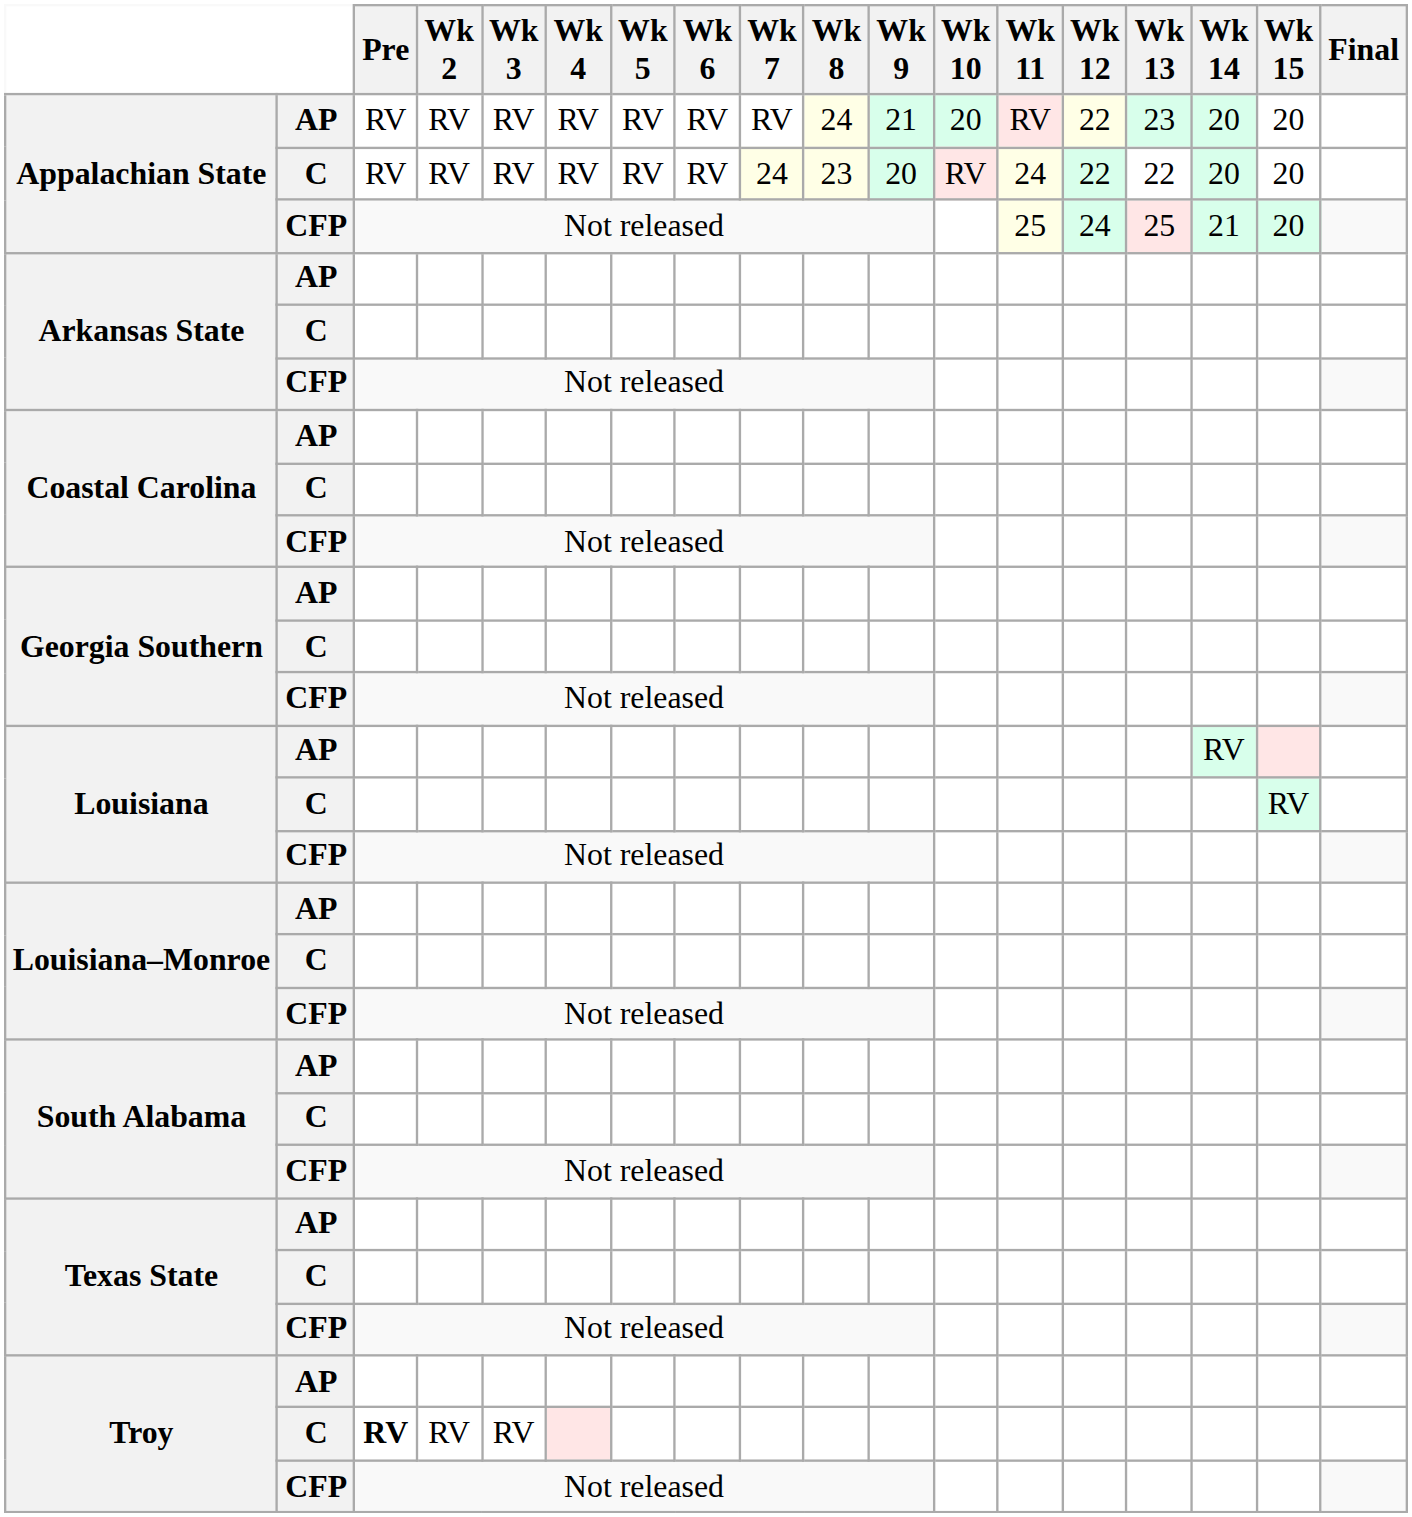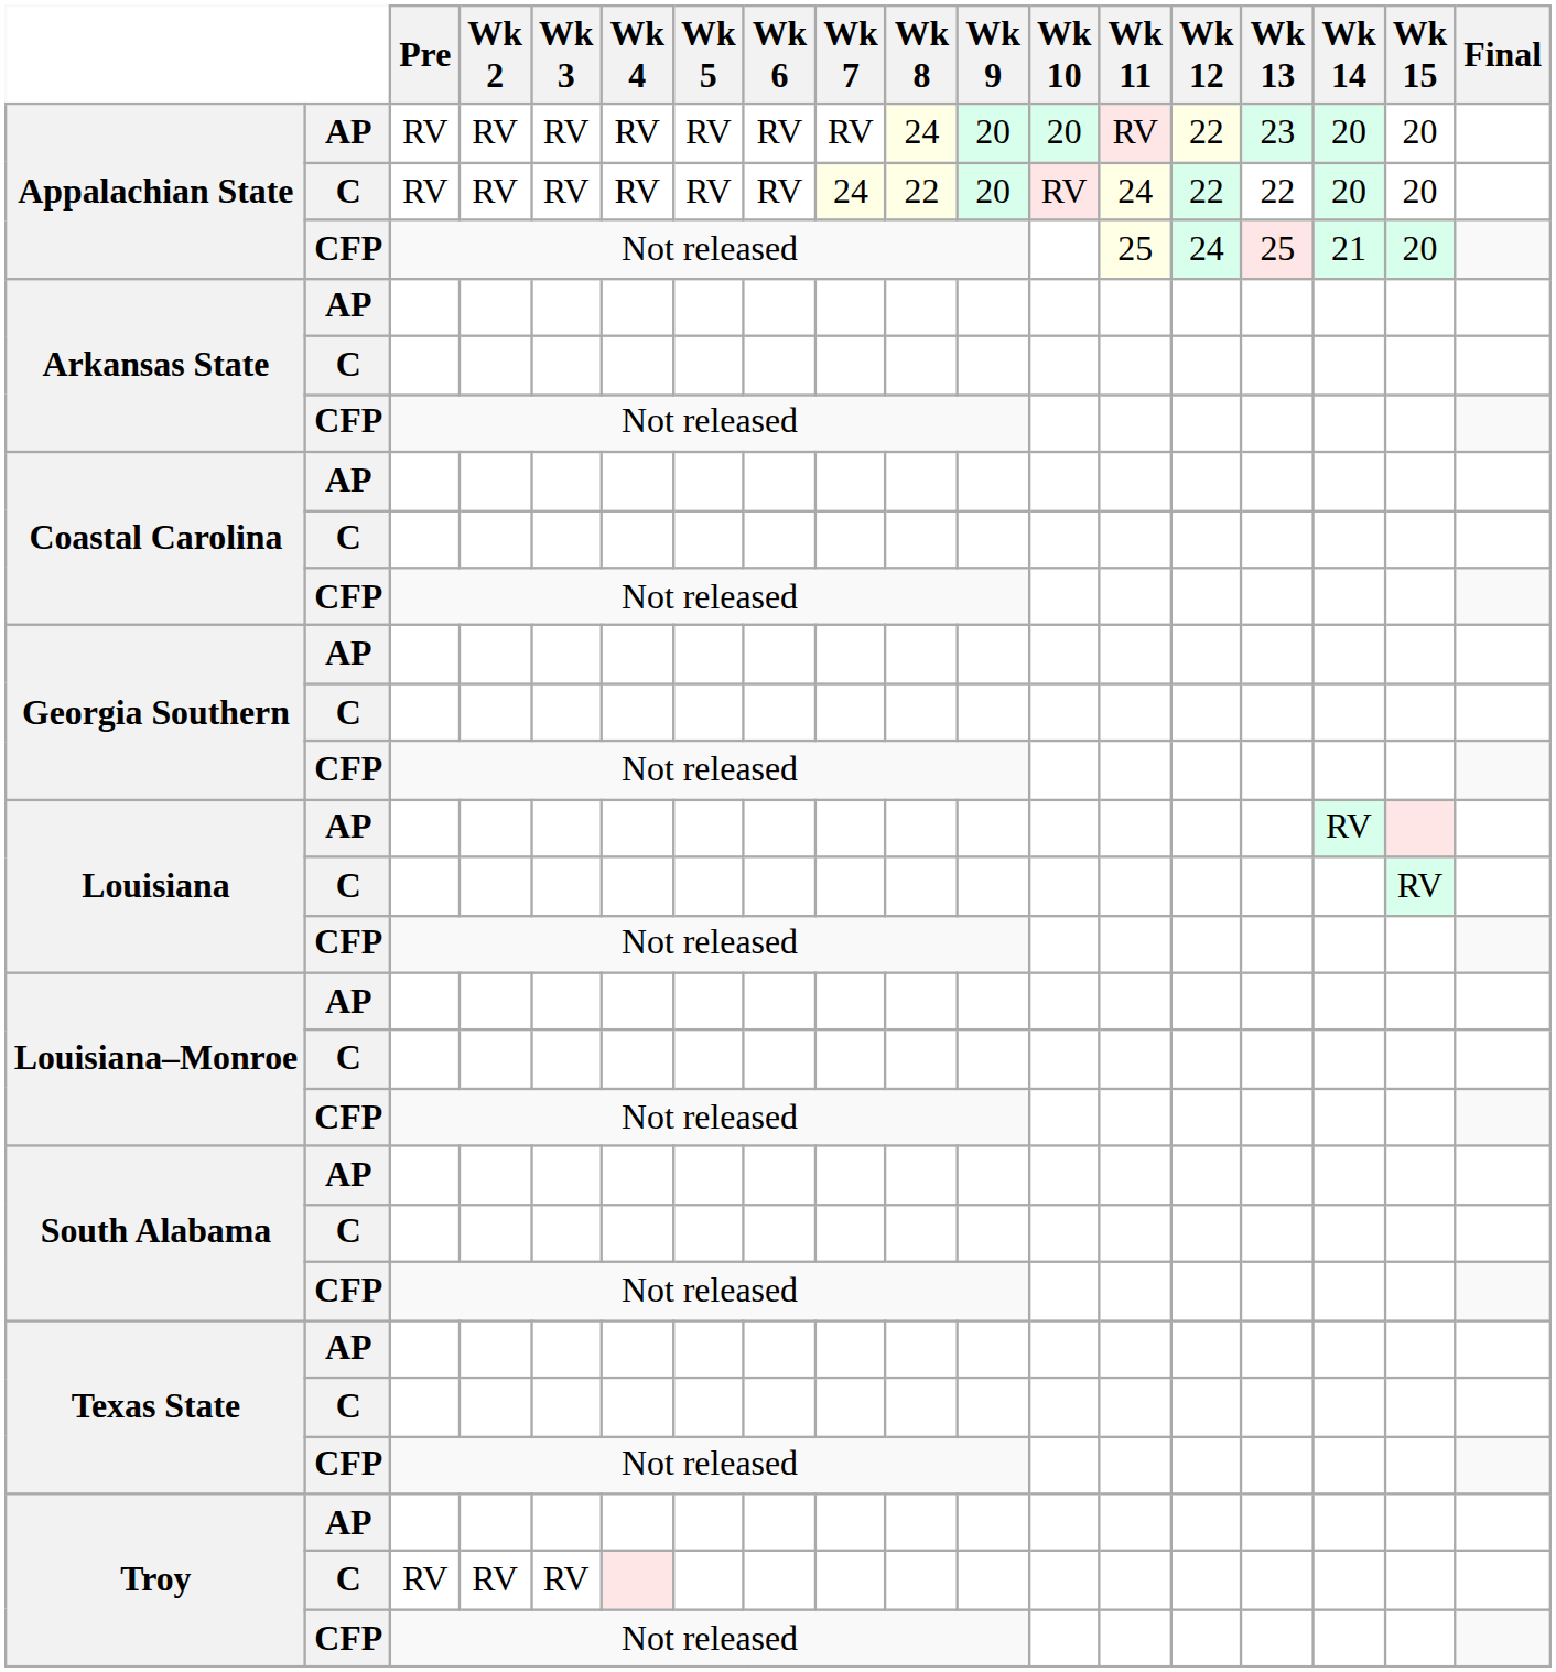 <table class="wikitable" style="white-space:nowrap;font-size:85%;">
 <tr>
 <th colspan=2 style="background:white; border-top-style:hidden; border-left-style:hidden;"> </th>
 <th>Pre</th>
 <th>Wk<br>2</th>
 <th>Wk<br>3</th>
 <th>Wk<br>4</th>
 <th>Wk<br>5</th>
 <th>Wk<br>6</th>
 <th>Wk<br>7</th>
 <th>Wk<br>8</th>
 <th>Wk<br>9</th>
 <th>Wk<br>10</th>
 <th>Wk<br>11</th>
 <th>Wk<br>12</th>
 <th>Wk<br>13</th>
 <th>Wk<br>14</th>
 <th>Wk<br>15</th>
 <th>Final</th>
 </tr>
 <tr style="text-align:center;">
 <th rowspan="3">Appalachian State</th>
 <th>AP</th>
 <td style="background:#FFF;">RV</td>
 <td style="background:#FFF;">RV</td>
 <td style="background:#FFF;">RV</td>
 <td style="background:#FFF;">RV</td>
 <td style="background:#FFF;">RV</td>
 <td style="background:#FFF;">RV</td>
 <td style="background:#FFF;">RV</td>
 <td style="background:#ffffe6;">24</td>
-<td style="background:#d8ffeb;">21</td>
+<td style="background:#d8ffeb;">20</td>
 <td style="background:#d8ffeb;">20</td>
 <td style="background:#FFE6E6;">RV</td>
 <td style="background:#ffffe6;">22</td>
 <td style="background:#d8ffeb;">23</td>
 <td style="background:#D8FFEB;">20</td>
 <td style="background:#FFF;">20</td>
 <td style="background:#FFF;"></td>
 </tr>
 <tr style="text-align:center;">
 <th>C</th>
 <td style="background:#FFF;">RV</td>
 <td style="background:#FFF;">RV</td>
 <td style="background:#FFF;">RV</td>
 <td style="background:#FFF;">RV</td>
 <td style="background:#FFF;">RV</td>
 <td style="background:#FFF;">RV</td>
 <td style="background:#ffffe6;">24</td>
-<td style="background:#ffffe6;">23</td>
+<td style="background:#ffffe6;">22</td>
 <td style="background:#d8ffeb;">20</td>
 <td style="background:#FFE6E6;">RV</td>
 <td style="background:#ffffe6;">24</td>
 <td style="background:#d8ffeb;">22</td>
 <td style="background:#FFF;">22</td>
 <td style="background:#D8FFEB;">20</td>
 <td style="background:#FFF;">20</td>
 <td style="background:#FFF;"></td>
 </tr>
 <tr style="text-align:center;">
 <th>CFP</th>
 <td colspan="9" style="text-align:center;">Not released</td>
 <td style="background:#FFF;"></td>
 <td style="background:#ffffe6;">25</td>
 <td style="background:#d8ffeb;">24</td>
 <td style="background:#FFE6E6;">25</td>
 <td style="background:#D8FFEB;">21</td>
 <td style="background:#D8FFEB;">20</td>
 <td style="text-align:center;"></td>
 </tr>
 <tr style="text-align:center;">
 <th rowspan="3">Arkansas State</th>
 <th>AP</th>
 <td style="background:#FFF;"></td>
 <td style="background:#FFF;"></td>
 <td style="background:#FFF;"></td>
 <td style="background:#FFF;"></td>
 <td style="background:#FFF;"></td>
 <td style="background:#FFF;"></td>
 <td style="background:#FFF;"></td>
 <td style="background:#FFF;"></td>
 <td style="background:#FFF;"></td>
 <td style="background:#FFF;"></td>
 <td style="background:#FFF;"></td>
 <td style="background:#FFF;"></td>
 <td style="background:#FFF;"></td>
 <td style="background:#FFF;"></td>
 <td style="background:#FFF;"></td>
 <td style="background:#FFF;"></td>
 </tr>
 <tr style="text-align:center;">
 <th>C</th>
 <td style="background:#FFF;"></td>
 <td style="background:#FFF;"></td>
 <td style="background:#FFF;"></td>
 <td style="background:#FFF;"></td>
 <td style="background:#FFF;"></td>
 <td style="background:#FFF;"></td>
 <td style="background:#FFF;"></td>
 <td style="background:#FFF;"></td>
 <td style="background:#FFF;"></td>
 <td style="background:#FFF;"></td>
 <td style="background:#FFF;"></td>
 <td style="background:#FFF;"></td>
 <td style="background:#FFF;"></td>
 <td style="background:#FFF;"></td>
 <td style="background:#FFF;"></td>
 <td style="background:#FFF;"></td>
 </tr>
 <tr style="text-align:center;">
 <th>CFP</th>
 <td colspan="9" style="text-align:center;">Not released</td>
 <td style="background:#FFF;"></td>
 <td style="background:#FFF;"></td>
 <td style="background:#FFF;"></td>
 <td style="background:#FFF;"></td>
 <td style="background:#FFF;"></td>
 <td style="background:#FFF;"></td>
 <td style="text-align:center;"></td>
 </tr>
 <tr style="text-align:center;">
 <th rowspan="3">Coastal Carolina</th>
 <th>AP</th>
 <td style="background:#FFF;"></td>
 <td style="background:#FFF;"></td>
 <td style="background:#FFF;"></td>
 <td style="background:#FFF;"></td>
 <td style="background:#FFF;"></td>
 <td style="background:#FFF;"></td>
 <td style="background:#FFF;"></td>
 <td style="background:#FFF;"></td>
 <td style="background:#FFF;"></td>
 <td style="background:#FFF;"></td>
 <td style="background:#FFF;"></td>
 <td style="background:#FFF;"></td>
 <td style="background:#FFF;"></td>
 <td style="background:#FFF;"></td>
 <td style="background:#FFF;"></td>
 <td style="background:#FFF;"></td>
 </tr>
 <tr style="text-align:center;">
 <th>C</th>
 <td style="background:#FFF;"></td>
 <td style="background:#FFF;"></td>
 <td style="background:#FFF;"></td>
 <td style="background:#FFF;"></td>
 <td style="background:#FFF;"></td>
 <td style="background:#FFF;"></td>
 <td style="background:#FFF;"></td>
 <td style="background:#FFF;"></td>
 <td style="background:#FFF;"></td>
 <td style="background:#FFF;"></td>
 <td style="background:#FFF;"></td>
 <td style="background:#FFF;"></td>
 <td style="background:#FFF;"></td>
 <td style="background:#FFF;"></td>
 <td style="background:#FFF;"></td>
 <td style="background:#FFF;"></td>
 </tr>
 <tr style="text-align:center;">
 <th>CFP</th>
 <td colspan="9" style="text-align:center;">Not released</td>
 <td style="background:#FFF;"></td>
 <td style="background:#FFF;"></td>
 <td style="background:#FFF;"></td>
 <td style="background:#FFF;"></td>
 <td style="background:#FFF;"></td>
 <td style="background:#FFF;"></td>
 <td style="text-align:center;"></td>
 </tr>
 <tr style="text-align:center;">
 <th rowspan="3">Georgia Southern</th>
 <th>AP</th>
 <td style="background:#FFF;"></td>
 <td style="background:#FFF;"></td>
 <td style="background:#FFF;"></td>
 <td style="background:#FFF;"></td>
 <td style="background:#FFF;"></td>
 <td style="background:#FFF;"></td>
 <td style="background:#FFF;"></td>
 <td style="background:#FFF;"></td>
 <td style="background:#FFF;"></td>
 <td style="background:#FFF;"></td>
 <td style="background:#FFF;"></td>
 <td style="background:#FFF;"></td>
 <td style="background:#FFF;"></td>
 <td style="background:#FFF;"></td>
 <td style="background:#FFF;"></td>
 <td style="background:#FFF;"></td>
 </tr>
 <tr style="text-align:center;">
 <th>C</th>
 <td style="background:#FFF;"></td>
 <td style="background:#FFF;"></td>
 <td style="background:#FFF;"></td>
 <td style="background:#FFF;"></td>
 <td style="background:#FFF;"></td>
 <td style="background:#FFF;"></td>
 <td style="background:#FFF;"></td>
 <td style="background:#FFF;"></td>
 <td style="background:#FFF;"></td>
 <td style="background:#FFF;"></td>
 <td style="background:#FFF;"></td>
 <td style="background:#FFF;"></td>
 <td style="background:#FFF;"></td>
 <td style="background:#FFF;"></td>
 <td style="background:#FFF;"></td>
 <td style="background:#FFF;"></td>
 </tr>
 <tr style="text-align:center;">
 <th>CFP</th>
 <td colspan="9" style="text-align:center;">Not released</td>
 <td style="background:#FFF;"></td>
 <td style="background:#FFF;"></td>
 <td style="background:#FFF;"></td>
 <td style="background:#FFF;"></td>
 <td style="background:#FFF;"></td>
 <td style="background:#FFF;"></td>
 <td style="text-align:center;"></td>
 </tr>
 <tr style="text-align:center;">
 <th rowspan="3">Louisiana</th>
 <th>AP</th>
 <td style="background:#FFF;"></td>
 <td style="background:#FFF;"></td>
 <td style="background:#FFF;"></td>
 <td style="background:#FFF;"></td>
 <td style="background:#FFF;"></td>
 <td style="background:#FFF;"></td>
 <td style="background:#FFF;"></td>
 <td style="background:#FFF;"></td>
 <td style="background:#FFF;"></td>
 <td style="background:#FFF;"></td>
 <td style="background:#FFF;"></td>
 <td style="background:#FFF;"></td>
 <td style="background:#FFF;"></td>
 <td style="background:#D8FFEB;">RV</td>
 <td style="background:#FFE6E6;"></td>
 <td style="background:#FFF;"></td>
 </tr>
 <tr style="text-align:center;">
 <th>C</th>
 <td style="background:#FFF;"></td>
 <td style="background:#FFF;"></td>
 <td style="background:#FFF;"></td>
 <td style="background:#FFF;"></td>
 <td style="background:#FFF;"></td>
 <td style="background:#FFF;"></td>
 <td style="background:#FFF;"></td>
 <td style="background:#FFF;"></td>
 <td style="background:#FFF;"></td>
 <td style="background:#FFF;"></td>
 <td style="background:#FFF;"></td>
 <td style="background:#FFF;"></td>
 <td style="background:#FFF;"></td>
 <td style="background:#FFF;"></td>
 <td style="background:#D8FFEB;">RV</td>
 <td style="background:#FFF;"></td>
 </tr>
 <tr style="text-align:center;">
 <th>CFP</th>
 <td colspan="9" style="text-align:center;">Not released</td>
 <td style="background:#FFF;"></td>
 <td style="background:#FFF;"></td>
 <td style="background:#FFF;"></td>
 <td style="background:#FFF;"></td>
 <td style="background:#FFF;"></td>
 <td style="background:#FFF;"></td>
 <td style="text-align:center;"></td>
 </tr>
 <tr style="text-align:center;">
 <th rowspan="3">Louisiana–Monroe</th>
 <th>AP</th>
 <td style="background:#FFF;"></td>
 <td style="background:#FFF;"></td>
 <td style="background:#FFF;"></td>
 <td style="background:#FFF;"></td>
 <td style="background:#FFF;"></td>
 <td style="background:#FFF;"></td>
 <td style="background:#FFF;"></td>
 <td style="background:#FFF;"></td>
 <td style="background:#FFF;"></td>
 <td style="background:#FFF;"></td>
 <td style="background:#FFF;"></td>
 <td style="background:#FFF;"></td>
 <td style="background:#FFF;"></td>
 <td style="background:#FFF;"></td>
 <td style="background:#FFF;"></td>
 <td style="background:#FFF;"></td>
 </tr>
 <tr style="text-align:center;">
 <th>C</th>
 <td style="background:#FFF;"></td>
 <td style="background:#FFF;"></td>
 <td style="background:#FFF;"></td>
 <td style="background:#FFF;"></td>
 <td style="background:#FFF;"></td>
 <td style="background:#FFF;"></td>
 <td style="background:#FFF;"></td>
 <td style="background:#FFF;"></td>
 <td style="background:#FFF;"></td>
 <td style="background:#FFF;"></td>
 <td style="background:#FFF;"></td>
 <td style="background:#FFF;"></td>
 <td style="background:#FFF;"></td>
 <td style="background:#FFF;"></td>
 <td style="background:#FFF;"></td>
 <td style="background:#FFF;"></td>
 </tr>
 <tr style="text-align:center;">
 <th>CFP</th>
 <td colspan="9" style="text-align:center;">Not released</td>
 <td style="background:#FFF;"></td>
 <td style="background:#FFF;"></td>
 <td style="background:#FFF;"></td>
 <td style="background:#FFF;"></td>
 <td style="background:#FFF;"></td>
 <td style="background:#FFF;"></td>
 <td style="text-align:center;"></td>
 </tr>
 <tr style="text-align:center;">
 <th rowspan="3">South Alabama</th>
 <th>AP</th>
 <td style="background:#FFF;"></td>
 <td style="background:#FFF;"></td>
 <td style="background:#FFF;"></td>
 <td style="background:#FFF;"></td>
 <td style="background:#FFF;"></td>
 <td style="background:#FFF;"></td>
 <td style="background:#FFF;"></td>
 <td style="background:#FFF;"></td>
 <td style="background:#FFF;"></td>
 <td style="background:#FFF;"></td>
 <td style="background:#FFF;"></td>
 <td style="background:#FFF;"></td>
 <td style="background:#FFF;"></td>
 <td style="background:#FFF;"></td>
 <td style="background:#FFF;"></td>
 <td style="background:#FFF;"></td>
 </tr>
 <tr style="text-align:center;">
 <th>C</th>
 <td style="background:#FFF;"></td>
 <td style="background:#FFF;"></td>
 <td style="background:#FFF;"></td>
 <td style="background:#FFF;"></td>
 <td style="background:#FFF;"></td>
 <td style="background:#FFF;"></td>
 <td style="background:#FFF;"></td>
 <td style="background:#FFF;"></td>
 <td style="background:#FFF;"></td>
 <td style="background:#FFF;"></td>
 <td style="background:#FFF;"></td>
 <td style="background:#FFF;"></td>
 <td style="background:#FFF;"></td>
 <td style="background:#FFF;"></td>
 <td style="background:#FFF;"></td>
 <td style="background:#FFF;"></td>
 </tr>
 <tr style="text-align:center;">
 <th>CFP</th>
 <td colspan="9" style="text-align:center;">Not released</td>
 <td style="background:#FFF;"></td>
 <td style="background:#FFF;"></td>
 <td style="background:#FFF;"></td>
 <td style="background:#FFF;"></td>
 <td style="background:#FFF;"></td>
 <td style="background:#FFF;"></td>
 <td style="text-align:center;"></td>
 </tr>
 <tr style="text-align:center;">
 <th rowspan="3">Texas State</th>
 <th>AP</th>
 <td style="background:#FFF;"></td>
 <td style="background:#FFF;"></td>
 <td style="background:#FFF;"></td>
 <td style="background:#FFF;"></td>
 <td style="background:#FFF;"></td>
 <td style="background:#FFF;"></td>
 <td style="background:#FFF;"></td>
 <td style="background:#FFF;"></td>
 <td style="background:#FFF;"></td>
 <td style="background:#FFF;"></td>
 <td style="background:#FFF;"></td>
 <td style="background:#FFF;"></td>
 <td style="background:#FFF;"></td>
 <td style="background:#FFF;"></td>
 <td style="background:#FFF;"></td>
 <td style="background:#FFF;"></td>
 </tr>
 <tr style="text-align:center;">
 <th>C</th>
 <td style="background:#FFF;"></td>
 <td style="background:#FFF;"></td>
 <td style="background:#FFF;"></td>
 <td style="background:#FFF;"></td>
 <td style="background:#FFF;"></td>
 <td style="background:#FFF;"></td>
 <td style="background:#FFF;"></td>
 <td style="background:#FFF;"></td>
 <td style="background:#FFF;"></td>
 <td style="background:#FFF;"></td>
 <td style="background:#FFF;"></td>
 <td style="background:#FFF;"></td>
 <td style="background:#FFF;"></td>
 <td style="background:#FFF;"></td>
 <td style="background:#FFF;"></td>
 <td style="background:#FFF;"></td>
 </tr>
 <tr style="text-align:center;">
 <th>CFP</th>
 <td colspan="9" style="text-align:center;">Not released</td>
 <td style="background:#FFF;"></td>
 <td style="background:#FFF;"></td>
 <td style="background:#FFF;"></td>
 <td style="background:#FFF;"></td>
 <td style="background:#FFF;"></td>
 <td style="background:#FFF;"></td>
 <td style="text-align:center;"></td>
 </tr>
 <tr style="text-align:center;">
 <th rowspan="3">Troy</th>
 <th>AP</th>
 <td style="background:#FFF;"></td>
 <td style="background:#FFF;"></td>
 <td style="background:#FFF;"></td>
 <td style="background:#FFF;"></td>
 <td style="background:#FFF;"></td>
 <td style="background:#FFF;"></td>
 <td style="background:#FFF;"></td>
 <td style="background:#FFF;"></td>
 <td style="background:#FFF;"></td>
 <td style="background:#FFF;"></td>
 <td style="background:#FFF;"></td>
 <td style="background:#FFF;"></td>
 <td style="background:#FFF;"></td>
 <td style="background:#FFF;"></td>
 <td style="background:#FFF;"></td>
 <td style="background:#FFF;"></td>
 </tr>
 <tr style="text-align:center;">
 <th>C</th>
-<td style="background:#FFF;"><strong>RV</strong></td>
+<td style="background:#FFF;">RV</td>
 <td style="background:#FFF;">RV</td>
 <td style="background:#FFF;">RV</td>
 <td style="background:#FFE6E6;"></td>
 <td style="background:#FFF;"></td>
 <td style="background:#FFF;"></td>
 <td style="background:#FFF;"></td>
 <td style="background:#FFF;"></td>
 <td style="background:#FFF;"></td>
 <td style="background:#FFF;"></td>
 <td style="background:#FFF;"></td>
 <td style="background:#FFF;"></td>
 <td style="background:#FFF;"></td>
 <td style="background:#FFF;"></td>
 <td style="background:#FFF;"></td>
 <td style="background:#FFF;"></td>
 </tr>
 <tr style="text-align:center;">
 <th>CFP</th>
 <td colspan="9" style="text-align:center;">Not released</td>
 <td style="background:#FFF;"></td>
 <td style="background:#FFF;"></td>
 <td style="background:#FFF;"></td>
 <td style="background:#FFF;"></td>
 <td style="background:#FFF;"></td>
 <td style="background:#FFF;"></td>
 <td style="text-align:center;"></td>
 </tr>
 <tr style="text-align:center;">
 </tr>
 </table>
